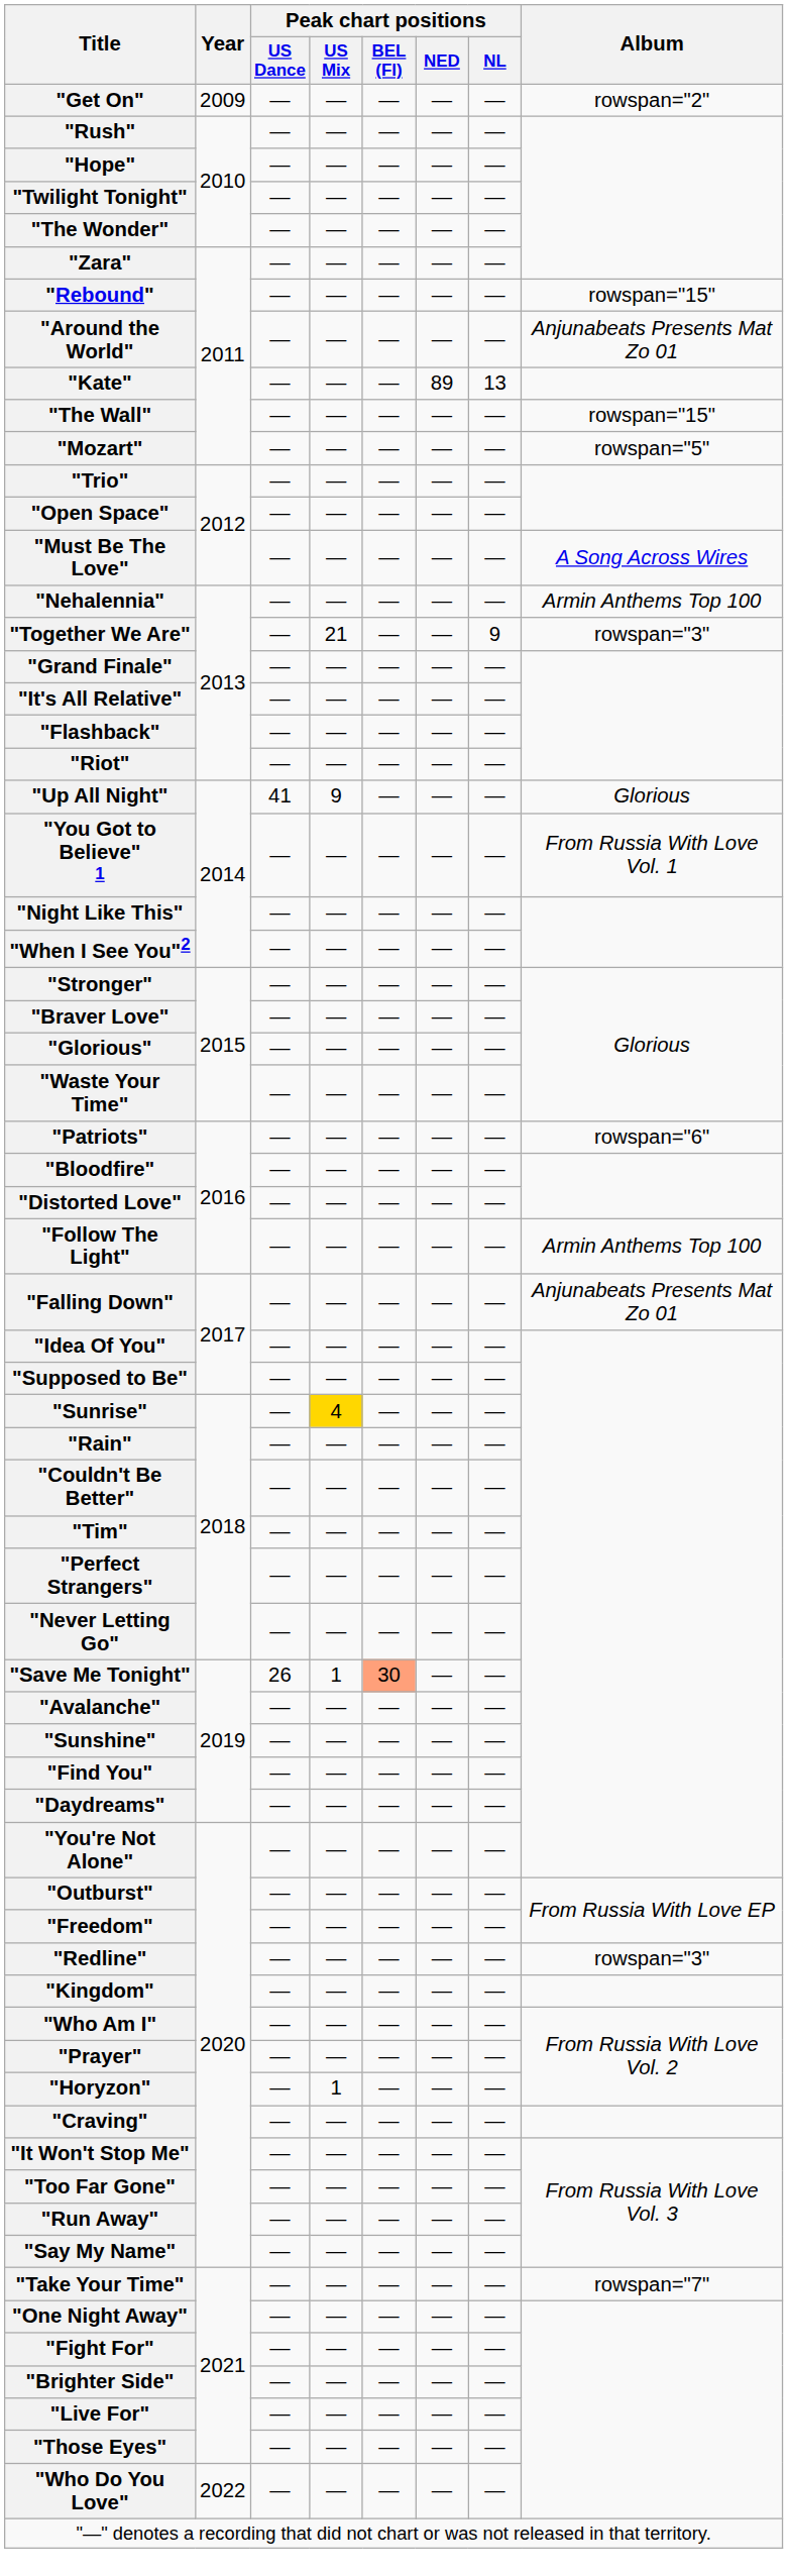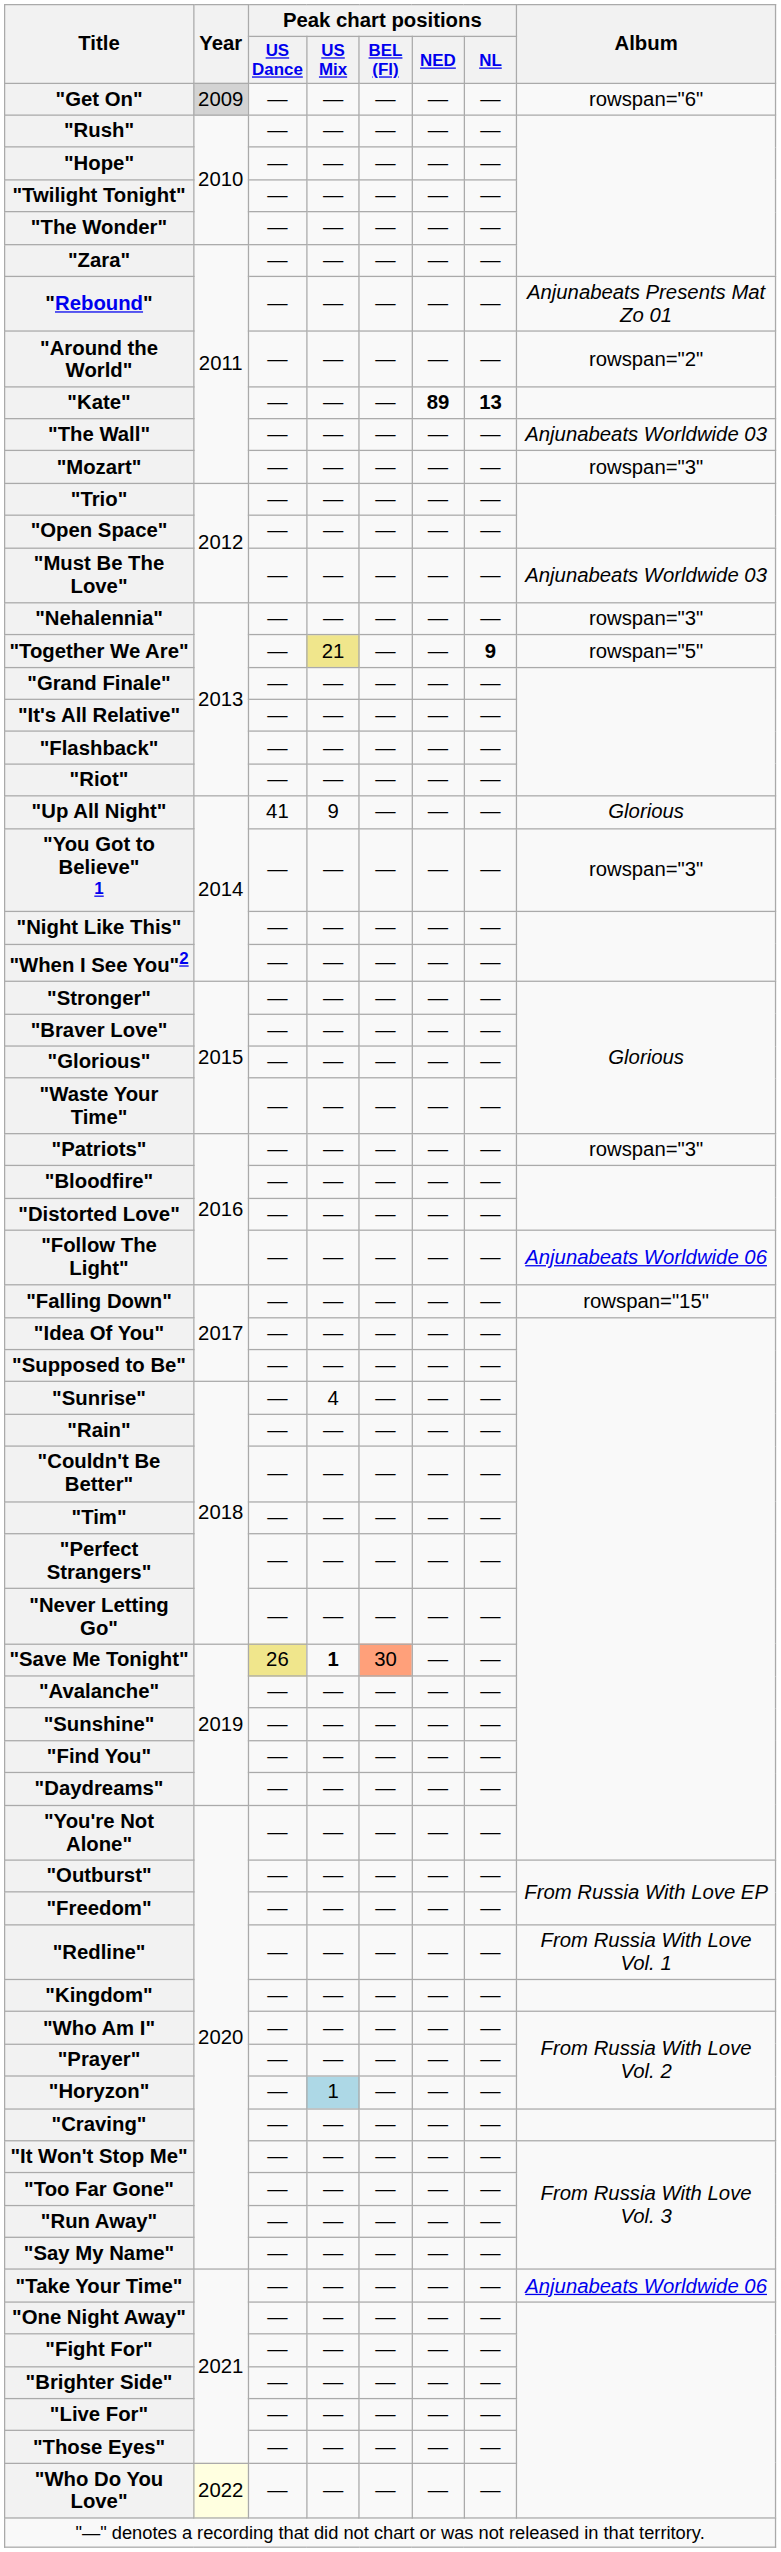 <table class="wikitable plainrowheaders" style="text-align:center;">
 <tr>
 <th rowspan="2">Title</th>
 <th rowspan="2">Year</th>
 <th colspan="5">Peak chart positions</th>
 <th rowspan="2">Album</th>
 </tr>
 <tr style="font-size:smaller;">
 <th width="35"><a href='#'>US Dance</a><br></th>
 <th width="35"><a href='#'>US Mix</a><br></th>
 <th width="35"><a href='#'>BEL <br>(Fl)</a><br></th>
 <th width="35"><a href='#'>NED</a><br></th>
 <th width="35"><a href='#'>NL</a><br></th>
 </tr>
 <tr>
 <th scope="row">"Get On"</th>
-<td>2009</td>
+<td style="background: lightgrey;">2009</td>
 <td>—</td>
 <td>—</td>
 <td>—</td>
 <td>—</td>
 <td>—</td>
-<td>rowspan="2" </td>
+<td>rowspan="6" </td>
 </tr>
 <tr>
 <th scope="row">"Rush"</th>
 <td rowspan="4">2010</td>
 <td>—</td>
 <td>—</td>
 <td>—</td>
 <td>—</td>
 <td>—</td>
 </tr>
 <tr>
 <th scope="row">"Hope"</th>
 <td>—</td>
 <td>—</td>
 <td>—</td>
 <td>—</td>
 <td>—</td>
 </tr>
 <tr>
 <th scope="row">"Twilight Tonight"</th>
 <td>—</td>
 <td>—</td>
 <td>—</td>
 <td>—</td>
 <td>—</td>
 </tr>
 <tr>
 <th scope="row">"The Wonder"</th>
 <td>—</td>
 <td>—</td>
 <td>—</td>
 <td>—</td>
 <td>—</td>
 </tr>
 <tr>
 <th scope="row">"Zara"</th>
 <td rowspan="6">2011</td>
 <td>—</td>
 <td>—</td>
 <td>—</td>
 <td>—</td>
 <td>—</td>
 </tr>
 <tr>
 <th scope="row">"<a href='#'>Rebound</a>"<br></th>
 <td>—</td>
 <td>—</td>
 <td>—</td>
 <td>—</td>
 <td>—</td>
-<td>rowspan="15" </td>
+<td><em>Anjunabeats Presents Mat Zo 01</em></td>
 </tr>
 <tr>
 <th scope="row">"Around the World"</th>
 <td>—</td>
 <td>—</td>
 <td>—</td>
 <td>—</td>
 <td>—</td>
-<td><em>Anjunabeats Presents Mat Zo 01</em></td>
+<td>rowspan="2" </td>
 </tr>
 <tr>
 <th scope="row">"Kate"</th>
 <td>—</td>
 <td>—</td>
 <td>—</td>
-<td>89</td>
-<td>13</td>
+<td><strong>89</strong></td>
+<td><strong>13</strong></td>
 </tr>
 <tr>
 <th scope="row">"The Wall" <br></th>
 <td>—</td>
 <td>—</td>
 <td>—</td>
 <td>—</td>
 <td>—</td>
-<td>rowspan="15" </td>
+<td><em>Anjunabeats Worldwide 03</em></td>
 </tr>
 <tr>
 <th scope="row">"Mozart" <br> </th>
 <td>—</td>
 <td>—</td>
 <td>—</td>
 <td>—</td>
 <td>—</td>
-<td>rowspan="5" </td>
+<td>rowspan="3" </td>
 </tr>
 <tr>
 <th scope="row">"Trio"<br></th>
 <td rowspan="3">2012</td>
 <td>—</td>
 <td>—</td>
 <td>—</td>
 <td>—</td>
 <td>—</td>
 </tr>
 <tr>
 <th scope="row">"Open Space"</th>
 <td>—</td>
 <td>—</td>
 <td>—</td>
 <td>—</td>
 <td>—</td>
 </tr>
 <tr>
 <th scope="row">"Must Be The Love" <br></th>
 <td>—</td>
 <td>—</td>
 <td>—</td>
 <td>—</td>
 <td>—</td>
-<td><em><a href='#'>A Song Across Wires</a></em></td>
+<td><em>Anjunabeats Worldwide 03</em></td>
 </tr>
 <tr>
 <th scope="row">"Nehalennia" <br> </th>
 <td rowspan="6">2013</td>
 <td>—</td>
 <td>—</td>
 <td>—</td>
 <td>—</td>
 <td>—</td>
-<td><em>Armin Anthems Top 100</em></td>
+<td>rowspan="3" </td>
 </tr>
 <tr>
 <th scope="row">"Together We Are" <br> </th>
 <td>—</td>
-<td>21</td>
+<td style="background: khaki;">21</td>
 <td>—</td>
 <td>—</td>
-<td>9</td>
-<td>rowspan="3" </td>
+<td><strong>9</strong></td>
+<td>rowspan="5" </td>
 </tr>
 <tr>
 <th scope="row">"Grand Finale" <br></th>
 <td>—</td>
 <td>—</td>
 <td>—</td>
 <td>—</td>
 <td>—</td>
 </tr>
 <tr>
 <th scope="row">"It's All Relative"<br> </th>
 <td>—</td>
 <td>—</td>
 <td>—</td>
 <td>—</td>
 <td>—</td>
 </tr>
 <tr>
 <th scope="row">"Flashback"</th>
 <td>—</td>
 <td>—</td>
 <td>—</td>
 <td>—</td>
 <td>—</td>
 </tr>
 <tr>
 <th scope="row">"Riot"<br> </th>
 <td>—</td>
 <td>—</td>
 <td>—</td>
 <td>—</td>
 <td>—</td>
 </tr>
 <tr>
 <th scope="row">"Up All Night"<br> </th>
 <td rowspan="4">2014</td>
 <td>41</td>
 <td>9</td>
 <td>—</td>
 <td>—</td>
 <td>—</td>
 <td><em>Glorious</em></td>
 </tr>
 <tr>
 <th scope="row">"You Got to Believe" <br><sup><a href='#'>1</a></sup></th>
 <td>—</td>
 <td>—</td>
 <td>—</td>
 <td>—</td>
 <td>—</td>
-<td><em>From Russia With Love Vol. 1</em></td>
+<td>rowspan="3" </td>
 </tr>
 <tr>
 <th scope="row">"Night Like This"</th>
 <td>—</td>
 <td>—</td>
 <td>—</td>
 <td>—</td>
 <td>—</td>
 </tr>
 <tr>
 <th scope="row">"When I See You"<sup><a href='#'>2</a></sup></th>
 <td>—</td>
 <td>—</td>
 <td>—</td>
 <td>—</td>
 <td>—</td>
 </tr>
 <tr>
 <th scope="row">"Stronger" <br></th>
 <td rowspan="4">2015</td>
 <td>—</td>
 <td>—</td>
 <td>—</td>
 <td>—</td>
 <td>—</td>
 <td rowspan="4"><em>Glorious</em></td>
 </tr>
 <tr>
 <th scope="row">"Braver Love" <br></th>
 <td>—</td>
 <td>—</td>
 <td>—</td>
 <td>—</td>
 <td>—</td>
 </tr>
 <tr>
 <th scope="row">"Glorious"<br> </th>
 <td>—</td>
 <td>—</td>
 <td>—</td>
 <td>—</td>
 <td>—</td>
 </tr>
 <tr>
 <th scope="row">"Waste Your Time"<br> </th>
 <td>—</td>
 <td>—</td>
 <td>—</td>
 <td>—</td>
 <td>—</td>
 </tr>
 <tr>
 <th scope="row">"Patriots"</th>
 <td rowspan="4">2016</td>
 <td>—</td>
 <td>—</td>
 <td>—</td>
 <td>—</td>
 <td>—</td>
-<td>rowspan="6" </td>
+<td>rowspan="3" </td>
 </tr>
 <tr>
 <th scope="row">"Bloodfire"</th>
 <td>—</td>
 <td>—</td>
 <td>—</td>
 <td>—</td>
 <td>—</td>
 </tr>
 <tr>
 <th scope="row">"Distorted Love"</th>
 <td>—</td>
 <td>—</td>
 <td>—</td>
 <td>—</td>
 <td>—</td>
 </tr>
 <tr>
 <th scope="row">"Follow The Light" <br></th>
 <td>—</td>
 <td>—</td>
 <td>—</td>
 <td>—</td>
 <td>—</td>
-<td><em>Armin Anthems Top 100</em></td>
+<td><em><a href='#'>Anjunabeats Worldwide 06</a></em></td>
 </tr>
 <tr>
 <th scope="row">"Falling Down"<br> </th>
 <td rowspan="3">2017</td>
 <td>—</td>
 <td>—</td>
 <td>—</td>
 <td>—</td>
 <td>—</td>
-<td><em>Anjunabeats Presents Mat Zo 01</em></td>
+<td>rowspan="15" </td>
 </tr>
 <tr>
 <th scope="row">"Idea Of You" <br></th>
 <td>—</td>
 <td>—</td>
 <td>—</td>
 <td>—</td>
 <td>—</td>
 </tr>
 <tr>
 <th scope="row">"Supposed to Be"<br></th>
 <td>—</td>
 <td>—</td>
 <td>—</td>
 <td>—</td>
 <td>—</td>
 </tr>
 <tr>
 <th scope="row">"Sunrise"<br></th>
 <td rowspan="6">2018</td>
 <td>—</td>
-<td style="background: gold;">4</td>
+<td>4</td>
 <td>—</td>
 <td>—</td>
 <td>—</td>
 </tr>
 <tr>
 <th scope="row">"Rain"</th>
 <td>—</td>
 <td>—</td>
 <td>—</td>
 <td>—</td>
 <td>—</td>
 </tr>
 <tr>
 <th scope="row">"Couldn't Be Better"</th>
 <td>—</td>
 <td>—</td>
 <td>—</td>
 <td>—</td>
 <td>—</td>
 </tr>
 <tr>
 <th scope="row">"Tim"</th>
 <td>—</td>
 <td>—</td>
 <td>—</td>
 <td>—</td>
 <td>—</td>
 </tr>
 <tr>
 <th scope="row">"Perfect Strangers"</th>
 <td>—</td>
 <td>—</td>
 <td>—</td>
 <td>—</td>
 <td>—</td>
 </tr>
 <tr>
 <th scope="row">"Never Letting Go" <br></th>
 <td>—</td>
 <td>—</td>
 <td>—</td>
 <td>—</td>
 <td>—</td>
 </tr>
 <tr>
 <th scope="row">"Save Me Tonight"</th>
 <td rowspan="5">2019</td>
-<td>26</td>
-<td>1</td>
+<td style="background: khaki;">26</td>
+<td><strong>1</strong></td>
 <td style="background: lightsalmon;">30</td>
 <td>—</td>
 <td>—</td>
 </tr>
 <tr>
 <th scope="row">"Avalanche"</th>
 <td>—</td>
 <td>—</td>
 <td>—</td>
 <td>—</td>
 <td>—</td>
 </tr>
 <tr>
 <th scope="row">"Sunshine"</th>
 <td>—</td>
 <td>—</td>
 <td>—</td>
 <td>—</td>
 <td>—</td>
 </tr>
 <tr>
 <th scope="row">"Find You"</th>
 <td>—</td>
 <td>—</td>
 <td>—</td>
 <td>—</td>
 <td>—</td>
 </tr>
 <tr>
 <th scope="row">"Daydreams" <br></th>
 <td>—</td>
 <td>—</td>
 <td>—</td>
 <td>—</td>
 <td>—</td>
 </tr>
 <tr>
 <th scope="row">"You're Not Alone" <br></th>
 <td rowspan="13">2020</td>
 <td>—</td>
 <td>—</td>
 <td>—</td>
 <td>—</td>
 <td>—</td>
 </tr>
 <tr>
 <th scope="row">"Outburst" <br></th>
 <td>—</td>
 <td>—</td>
 <td>—</td>
 <td>—</td>
 <td>—</td>
 <td rowspan="2"><em>From Russia With Love EP</em></td>
 </tr>
 <tr>
 <th scope="row">"Freedom" <br></th>
 <td>—</td>
 <td>—</td>
 <td>—</td>
 <td>—</td>
 <td>—</td>
 </tr>
 <tr>
 <th scope="row">"Redline" <br></th>
 <td>—</td>
 <td>—</td>
 <td>—</td>
 <td>—</td>
 <td>—</td>
-<td>rowspan="3" </td>
+<td><em>From Russia With Love Vol. 1</em></td>
 </tr>
 <tr>
 <th scope="row">"Kingdom" <br></th>
 <td>—</td>
 <td>—</td>
 <td>—</td>
 <td>—</td>
 <td>—</td>
 <td></td>
 </tr>
 <tr>
 <th scope="row">"Who Am I" <br></th>
 <td>—</td>
 <td>—</td>
 <td>—</td>
 <td>—</td>
 <td>—</td>
 <td rowspan="3"><em>From Russia With Love Vol. 2</em></td>
 </tr>
 <tr>
 <th scope="row">"Prayer" <br></th>
 <td>—</td>
 <td>—</td>
 <td>—</td>
 <td>—</td>
 <td>—</td>
 </tr>
 <tr>
 <th scope="row">"Horyzon"</th>
 <td>—</td>
-<td>1</td>
+<td style="background: lightblue;">1</td>
 <td>—</td>
 <td>—</td>
 <td>—</td>
 </tr>
 <tr>
 <th scope="row">"Craving" <br></th>
 <td>—</td>
 <td>—</td>
 <td>—</td>
 <td>—</td>
 <td>—</td>
 <td></td>
 </tr>
 <tr>
 <th scope="row">"It Won't Stop Me" <br></th>
 <td>—</td>
 <td>—</td>
 <td>—</td>
 <td>—</td>
 <td>—</td>
 <td rowspan="4"><em>From Russia With Love Vol. 3</em></td>
 </tr>
 <tr>
 <th scope="row">"Too Far Gone" <br></th>
 <td>—</td>
 <td>—</td>
 <td>—</td>
 <td>—</td>
 <td>—</td>
 </tr>
 <tr>
 <th scope="row">"Run Away" <br></th>
 <td>—</td>
 <td>—</td>
 <td>—</td>
 <td>—</td>
 <td>—</td>
 </tr>
 <tr>
 <th scope="row">"Say My Name"</th>
 <td>—</td>
 <td>—</td>
 <td>—</td>
 <td>—</td>
 <td>—</td>
 </tr>
 <tr>
 <th scope="row">"Take Your Time"</th>
 <td rowspan="6">2021</td>
 <td>—</td>
 <td>—</td>
 <td>—</td>
 <td>—</td>
 <td>—</td>
-<td>rowspan="7" </td>
+<td><em><a href='#'>Anjunabeats Worldwide 06</a></em></td>
 </tr>
 <tr>
 <th scope="row">"One Night Away"</th>
 <td>—</td>
 <td>—</td>
 <td>—</td>
 <td>—</td>
 <td>—</td>
 </tr>
 <tr>
 <th scope="row">"Fight For"</th>
 <td>—</td>
 <td>—</td>
 <td>—</td>
 <td>—</td>
 <td>—</td>
 </tr>
 <tr>
 <th scope="row">"Brighter Side"</th>
 <td>—</td>
 <td>—</td>
 <td>—</td>
 <td>—</td>
 <td>—</td>
 </tr>
 <tr>
 <th scope="row">"Live For"</th>
 <td>—</td>
 <td>—</td>
 <td>—</td>
 <td>—</td>
 <td>—</td>
 </tr>
 <tr>
 <th scope="row">"Those Eyes" <br></th>
 <td>—</td>
 <td>—</td>
 <td>—</td>
 <td>—</td>
 <td>—</td>
 </tr>
 <tr>
 <th scope="row">"Who Do You Love" <br></th>
-<td>2022</td>
+<td style="background: lightyellow;">2022</td>
 <td>—</td>
 <td>—</td>
 <td>—</td>
 <td>—</td>
 <td>—</td>
 </tr>
 <tr>
 <td colspan="8" style="font-size:90%">"—" denotes a recording that did not chart or was not released in that territory.</td>
 </tr>
 </table>
